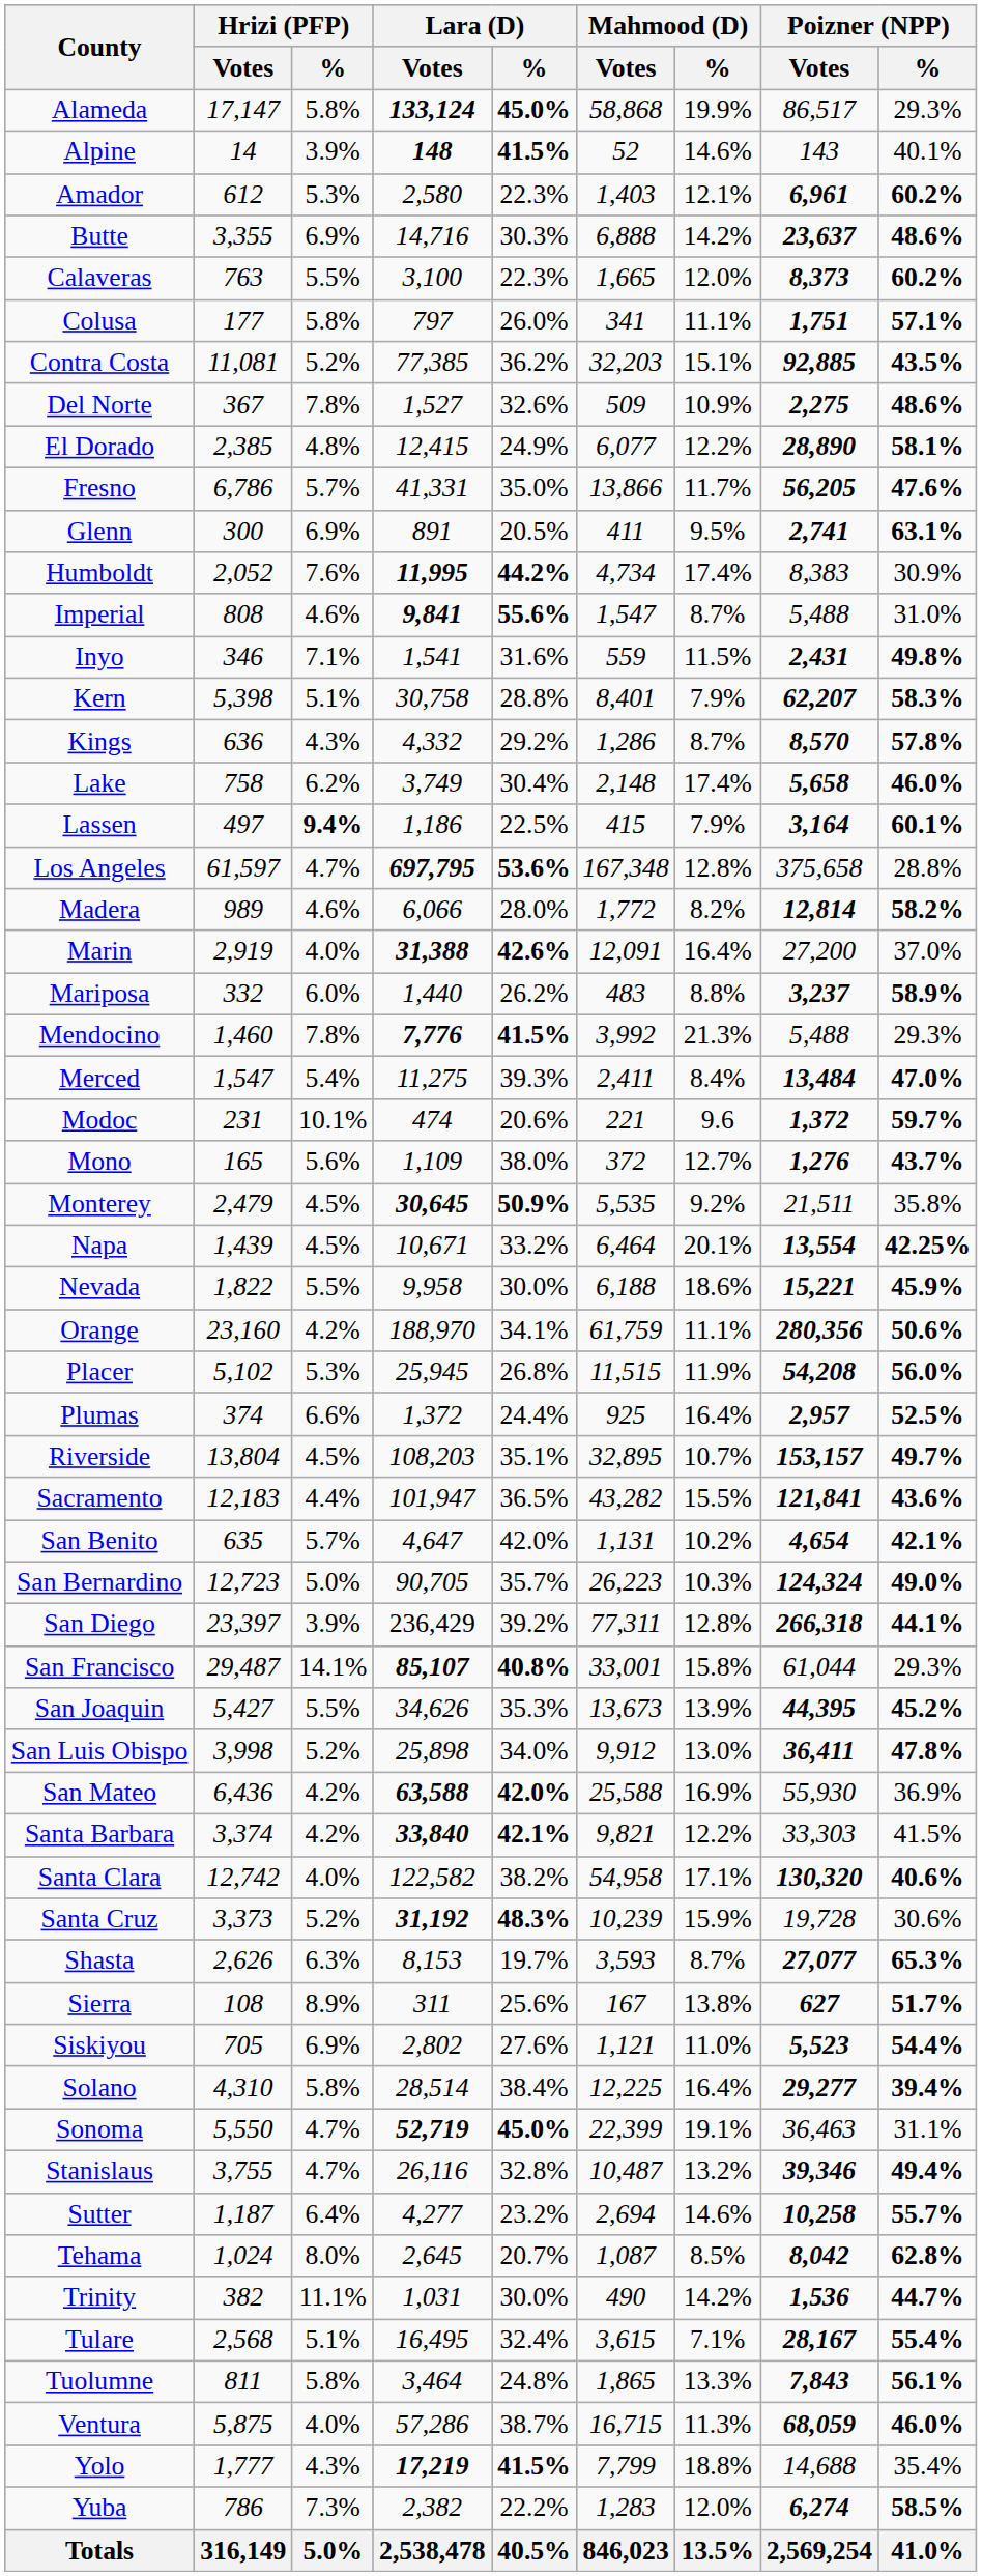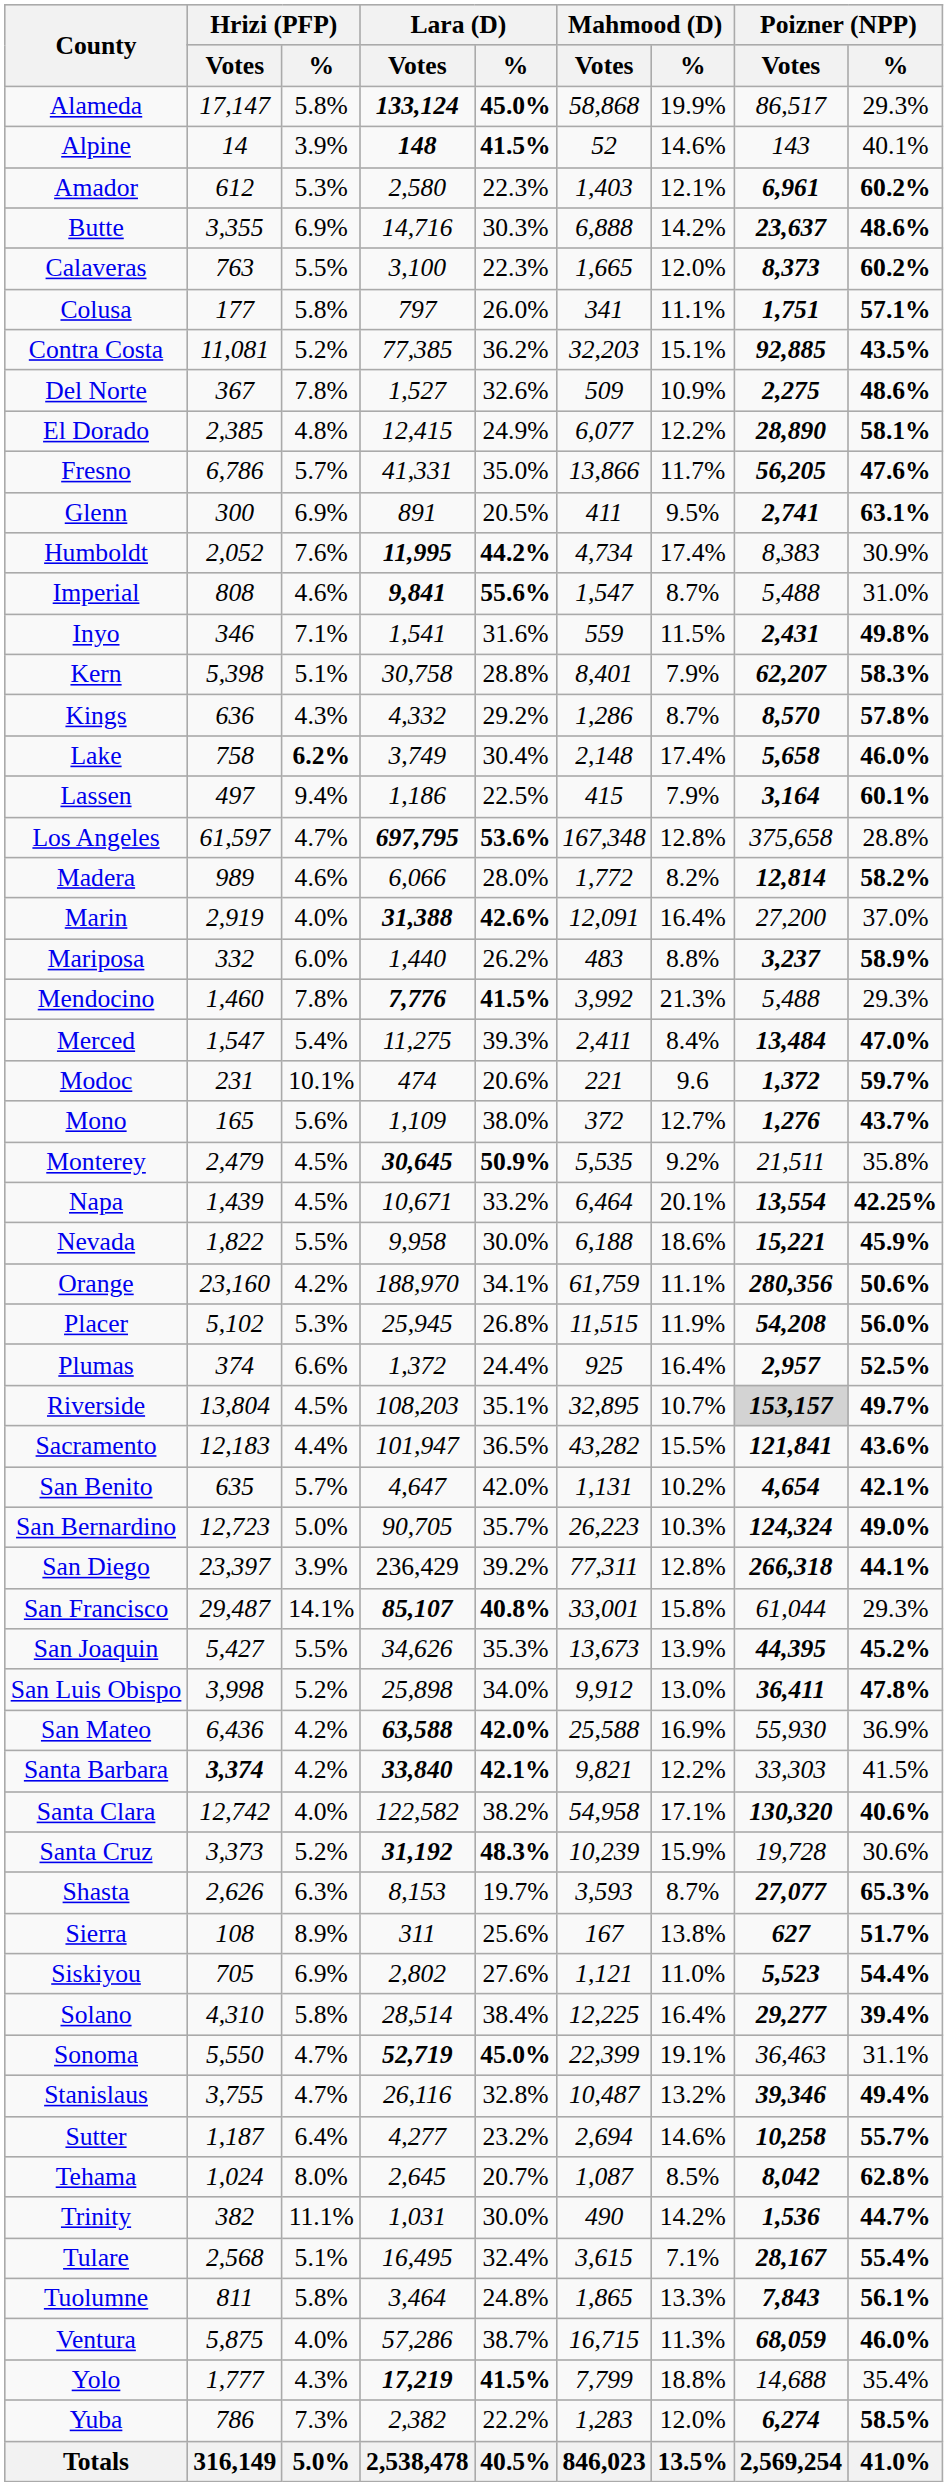 <table class="wikitable sortable" style="text-align:center">
 <tr>
 <th rowspan=2>County</th>
 <th colspan=2>Hrizi (PFP)</th>
 <th colspan=2>Lara (D)</th>
 <th colspan=2>Mahmood (D)</th>
 <th colspan=2>Poizner (NPP)</th>
 </tr>
 <tr>
 <th>Votes</th>
 <th>%</th>
 <th>Votes</th>
 <th>%</th>
 <th>Votes</th>
 <th>%</th>
 <th>Votes</th>
 <th>%</th>
 </tr>
 <tr>
 <td><a href='#'>Alameda</a></td>
 <td><em>17,147</em></td>
 <td>5.8%</td>
 <td><strong><em>133,124</em></strong></td>
 <td><strong>45.0%</strong></td>
 <td><em>58,868</em></td>
 <td>19.9%</td>
 <td><em>86,517</em></td>
 <td>29.3%</td>
 </tr>
 <tr>
 <td><a href='#'>Alpine</a></td>
 <td><em>14</em></td>
 <td>3.9%</td>
 <td><strong><em>148</em></strong></td>
 <td><strong>41.5%</strong></td>
 <td><em>52</em></td>
 <td>14.6%</td>
 <td><em>143</em></td>
 <td>40.1%</td>
 </tr>
 <tr>
 <td><a href='#'>Amador</a></td>
 <td><em>612</em></td>
 <td>5.3%</td>
 <td><em>2,580</em></td>
 <td>22.3%</td>
 <td><em>1,403</em></td>
 <td>12.1%</td>
 <td><strong><em>6,961</em></strong></td>
 <td><strong>60.2%</strong></td>
 </tr>
 <tr>
 <td><a href='#'>Butte</a></td>
 <td><em>3,355</em></td>
 <td>6.9%</td>
 <td><em>14,716</em></td>
 <td>30.3%</td>
 <td><em>6,888</em></td>
 <td>14.2%</td>
 <td><strong><em>23,637</em></strong></td>
 <td><strong>48.6%</strong></td>
 </tr>
 <tr>
 <td><a href='#'>Calaveras</a></td>
 <td><em>763</em></td>
 <td>5.5%</td>
 <td><em>3,100</em></td>
 <td>22.3%</td>
 <td><em>1,665</em></td>
 <td>12.0%</td>
 <td><strong><em>8,373</em></strong></td>
 <td><strong>60.2%</strong></td>
 </tr>
 <tr>
 <td><a href='#'>Colusa</a></td>
 <td><em>177</em></td>
 <td>5.8%</td>
 <td><em>797</em></td>
 <td>26.0%</td>
 <td><em>341</em></td>
 <td>11.1%</td>
 <td><strong><em>1,751</em></strong></td>
 <td><strong>57.1%</strong></td>
 </tr>
 <tr>
 <td><a href='#'>Contra Costa</a></td>
 <td><em>11,081</em></td>
 <td>5.2%</td>
 <td><em>77,385</em></td>
 <td>36.2%</td>
 <td><em>32,203</em></td>
 <td>15.1%</td>
 <td><strong><em>92,885</em></strong></td>
 <td><strong>43.5%</strong></td>
 </tr>
 <tr>
 <td><a href='#'>Del Norte</a></td>
 <td><em>367</em></td>
 <td>7.8%</td>
 <td><em>1,527</em></td>
 <td>32.6%</td>
 <td><em>509</em></td>
 <td>10.9%</td>
 <td><strong><em>2,275</em></strong></td>
 <td><strong>48.6%</strong></td>
 </tr>
 <tr>
 <td><a href='#'>El Dorado</a></td>
 <td><em>2,385</em></td>
 <td>4.8%</td>
 <td><em>12,415</em></td>
 <td>24.9%</td>
 <td><em>6,077</em></td>
 <td>12.2%</td>
 <td><strong><em>28,890</em></strong></td>
 <td><strong>58.1%</strong></td>
 </tr>
 <tr>
 <td><a href='#'>Fresno</a></td>
 <td><em>6,786</em></td>
 <td>5.7%</td>
 <td><em>41,331</em></td>
 <td>35.0%</td>
 <td><em>13,866</em></td>
 <td>11.7%</td>
 <td><strong><em>56,205</em></strong></td>
 <td><strong>47.6%</strong></td>
 </tr>
 <tr>
 <td><a href='#'>Glenn</a></td>
 <td><em>300</em></td>
 <td>6.9%</td>
 <td><em>891</em></td>
 <td>20.5%</td>
 <td><em>411</em></td>
 <td>9.5%</td>
 <td><strong><em>2,741</em></strong></td>
 <td><strong>63.1%</strong></td>
 </tr>
 <tr>
 <td><a href='#'>Humboldt</a></td>
 <td><em>2,052</em></td>
 <td>7.6%</td>
 <td><strong><em>11,995</em></strong></td>
 <td><strong>44.2%</strong></td>
 <td><em>4,734</em></td>
 <td>17.4%</td>
 <td><em>8,383</em></td>
 <td>30.9%</td>
 </tr>
 <tr>
 <td><a href='#'>Imperial</a></td>
 <td><em>808</em></td>
 <td>4.6%</td>
 <td><strong><em>9,841</em></strong></td>
 <td><strong>55.6%</strong></td>
 <td><em>1,547</em></td>
 <td>8.7%</td>
 <td><em>5,488</em></td>
 <td>31.0%</td>
 </tr>
 <tr>
 <td><a href='#'>Inyo</a></td>
 <td><em>346</em></td>
 <td>7.1%</td>
 <td><em>1,541</em></td>
 <td>31.6%</td>
 <td><em>559</em></td>
 <td>11.5%</td>
 <td><strong><em>2,431</em></strong></td>
 <td><strong>49.8%</strong></td>
 </tr>
 <tr>
 <td><a href='#'>Kern</a></td>
 <td><em>5,398</em></td>
 <td>5.1%</td>
 <td><em>30,758</em></td>
 <td>28.8%</td>
 <td><em>8,401</em></td>
 <td>7.9%</td>
 <td><strong><em>62,207</em></strong></td>
 <td><strong>58.3%</strong></td>
 </tr>
 <tr>
 <td><a href='#'>Kings</a></td>
 <td><em>636</em></td>
 <td>4.3%</td>
 <td><em>4,332</em></td>
 <td>29.2%</td>
 <td><em>1,286</em></td>
 <td>8.7%</td>
 <td><strong><em>8,570</em></strong></td>
 <td><strong>57.8%</strong></td>
 </tr>
 <tr>
 <td><a href='#'>Lake</a></td>
 <td><em>758</em></td>
-<td>6.2%</td>
+<td><strong>6.2%</strong></td>
 <td><em>3,749</em></td>
 <td>30.4%</td>
 <td><em>2,148</em></td>
 <td>17.4%</td>
 <td><strong><em>5,658</em></strong></td>
 <td><strong>46.0%</strong></td>
 </tr>
 <tr>
 <td><a href='#'>Lassen</a></td>
 <td><em>497</em></td>
-<td><strong>9.4%</strong></td>
+<td>9.4%</td>
 <td><em>1,186</em></td>
 <td>22.5%</td>
 <td><em>415</em></td>
 <td>7.9%</td>
 <td><strong><em>3,164</em></strong></td>
 <td><strong>60.1%</strong></td>
 </tr>
 <tr>
 <td><a href='#'>Los Angeles</a></td>
 <td><em>61,597</em></td>
 <td>4.7%</td>
 <td><strong><em>697,795</em></strong></td>
 <td><strong>53.6%</strong></td>
 <td><em>167,348</em></td>
 <td>12.8%</td>
 <td><em>375,658</em></td>
 <td>28.8%</td>
 </tr>
 <tr>
 <td><a href='#'>Madera</a></td>
 <td><em>989</em></td>
 <td>4.6%</td>
 <td><em>6,066</em></td>
 <td>28.0%</td>
 <td><em>1,772</em></td>
 <td>8.2%</td>
 <td><strong><em>12,814</em></strong></td>
 <td><strong>58.2%</strong></td>
 </tr>
 <tr>
 <td><a href='#'>Marin</a></td>
 <td><em>2,919</em></td>
 <td>4.0%</td>
 <td><strong><em>31,388</em></strong></td>
 <td><strong>42.6%</strong></td>
 <td><em>12,091</em></td>
 <td>16.4%</td>
 <td><em>27,200</em></td>
 <td>37.0%</td>
 </tr>
 <tr>
 <td><a href='#'>Mariposa</a></td>
 <td><em>332</em></td>
 <td>6.0%</td>
 <td><em> 1,440</em></td>
 <td>26.2%</td>
 <td><em>483</em></td>
 <td>8.8%</td>
 <td><strong><em>3,237</em></strong></td>
 <td><strong>58.9%</strong></td>
 </tr>
 <tr>
 <td><a href='#'>Mendocino</a></td>
 <td><em>1,460</em></td>
 <td>7.8%</td>
 <td><strong><em>7,776</em></strong></td>
 <td><strong>41.5%</strong></td>
 <td><em>3,992</em></td>
 <td>21.3%</td>
 <td><em>5,488</em></td>
 <td>29.3%</td>
 </tr>
 <tr>
 <td><a href='#'>Merced</a></td>
 <td><em>1,547</em></td>
 <td>5.4%</td>
 <td><em>11,275</em></td>
 <td>39.3%</td>
 <td><em>2,411</em></td>
 <td>8.4%</td>
 <td><strong><em>13,484</em></strong></td>
 <td><strong>47.0%</strong></td>
 </tr>
 <tr>
 <td><a href='#'>Modoc</a></td>
 <td><em>231</em></td>
 <td>10.1%</td>
 <td><em>474</em></td>
 <td>20.6%</td>
 <td><em>221</em></td>
 <td>9.6</td>
 <td><strong><em>1,372</em></strong></td>
 <td><strong>59.7%</strong></td>
 </tr>
 <tr>
 <td><a href='#'>Mono</a></td>
 <td><em>165</em></td>
 <td>5.6%</td>
 <td><em>1,109</em></td>
 <td>38.0%</td>
 <td><em>372</em></td>
 <td>12.7%</td>
 <td><strong><em>1,276</em></strong></td>
 <td><strong>43.7%</strong></td>
 </tr>
 <tr>
 <td><a href='#'>Monterey</a></td>
 <td><em>2,479</em></td>
 <td>4.5%</td>
 <td><strong><em>30,645</em></strong></td>
 <td><strong>50.9%</strong></td>
 <td><em>5,535</em></td>
 <td>9.2%</td>
 <td><em>21,511</em></td>
 <td>35.8%</td>
 </tr>
 <tr>
 <td><a href='#'>Napa</a></td>
 <td><em>1,439</em></td>
 <td>4.5%</td>
 <td><em>10,671</em></td>
 <td>33.2%</td>
 <td><em>6,464</em></td>
 <td>20.1%</td>
 <td><strong><em>13,554</em></strong></td>
 <td><strong>42.25%</strong></td>
 </tr>
 <tr>
 <td><a href='#'>Nevada</a></td>
 <td><em>1,822</em></td>
 <td>5.5%</td>
 <td><em>9,958</em></td>
 <td>30.0%</td>
 <td><em>6,188</em></td>
 <td>18.6%</td>
 <td><strong><em>15,221</em></strong></td>
 <td><strong>45.9%</strong></td>
 </tr>
 <tr>
 <td><a href='#'>Orange</a></td>
 <td><em>23,160</em></td>
 <td>4.2%</td>
 <td><em>188,970</em></td>
 <td>34.1%</td>
 <td><em>61,759</em></td>
 <td>11.1%</td>
 <td><strong><em>280,356</em></strong></td>
 <td><strong>50.6%</strong></td>
 </tr>
 <tr>
 <td><a href='#'>Placer</a></td>
 <td><em>5,102</em></td>
 <td>5.3%</td>
 <td><em>25,945</em></td>
 <td>26.8%</td>
 <td><em>11,515</em></td>
 <td>11.9%</td>
 <td><strong><em>54,208</em></strong></td>
 <td><strong>56.0%</strong></td>
 </tr>
 <tr>
 <td><a href='#'>Plumas</a></td>
 <td><em>374</em></td>
 <td>6.6%</td>
 <td><em>1,372</em></td>
 <td>24.4%</td>
 <td><em>925</em></td>
 <td>16.4%</td>
 <td><strong><em>2,957</em></strong></td>
 <td><strong>52.5%</strong></td>
 </tr>
 <tr>
 <td><a href='#'>Riverside</a></td>
 <td><em>13,804</em></td>
 <td>4.5%</td>
 <td><em>108,203</em></td>
 <td>35.1%</td>
 <td><em>32,895</em></td>
 <td>10.7%</td>
-<td><strong><em>153,157</em></strong></td>
+<td style="background: lightgrey;"><strong><em>153,157</em></strong></td>
 <td><strong>49.7%</strong></td>
 </tr>
 <tr>
 <td><a href='#'>Sacramento</a></td>
 <td><em>12,183</em></td>
 <td>4.4%</td>
 <td><em>101,947</em></td>
 <td>36.5%</td>
 <td><em>43,282</em></td>
 <td>15.5%</td>
 <td><strong><em>121,841</em></strong></td>
 <td><strong>43.6%</strong></td>
 </tr>
 <tr>
 <td><a href='#'>San Benito</a></td>
 <td><em>635</em></td>
 <td>5.7%</td>
 <td><em>4,647</em></td>
 <td>42.0%</td>
 <td><em>1,131</em></td>
 <td>10.2%</td>
 <td><strong><em>4,654</em></strong></td>
 <td><strong>42.1%</strong></td>
 </tr>
 <tr>
 <td><a href='#'>San Bernardino</a></td>
 <td><em>12,723</em></td>
 <td>5.0%</td>
 <td><em>90,705</em></td>
 <td>35.7%</td>
 <td><em>26,223</em></td>
 <td>10.3%</td>
 <td><strong><em>124,324</em></strong></td>
 <td><strong>49.0%</strong></td>
 </tr>
 <tr>
 <td><a href='#'>San Diego</a></td>
 <td><em>23,397</em></td>
 <td>3.9%</td>
 <td>236,429</td>
 <td>39.2%</td>
 <td><em>77,311</em></td>
 <td>12.8%</td>
 <td><strong><em>266,318</em></strong></td>
 <td><strong>44.1%</strong></td>
 </tr>
 <tr>
 <td><a href='#'>San Francisco</a></td>
 <td><em>29,487</em></td>
 <td>14.1%</td>
 <td><strong><em>85,107</em></strong></td>
 <td><strong>40.8%</strong></td>
 <td><em>33,001</em></td>
 <td>15.8%</td>
 <td><em>61,044</em></td>
 <td>29.3%</td>
 </tr>
 <tr>
 <td><a href='#'>San Joaquin</a></td>
 <td><em>5,427</em></td>
 <td>5.5%</td>
 <td><em>34,626</em></td>
 <td>35.3%</td>
 <td><em>13,673</em></td>
 <td>13.9%</td>
 <td><strong><em> 44,395</em></strong></td>
 <td><strong>45.2%</strong></td>
 </tr>
 <tr>
 <td><a href='#'>San Luis Obispo</a></td>
 <td><em>3,998</em></td>
 <td>5.2%</td>
 <td><em>25,898</em></td>
 <td>34.0%</td>
 <td><em>9,912</em></td>
 <td>13.0%</td>
 <td><strong><em>36,411</em></strong></td>
 <td><strong>47.8%</strong></td>
 </tr>
 <tr>
 <td><a href='#'>San Mateo</a></td>
 <td><em>6,436</em></td>
 <td>4.2%</td>
 <td><strong><em>63,588</em></strong></td>
 <td><strong>42.0%</strong></td>
 <td><em>25,588</em></td>
 <td>16.9%</td>
 <td><em>55,930</em></td>
 <td>36.9%</td>
 </tr>
 <tr>
 <td><a href='#'>Santa Barbara</a></td>
-<td><em>3,374</em></td>
+<td><strong><em>3,374</em></strong></td>
 <td>4.2%</td>
 <td><strong><em>33,840</em></strong></td>
 <td><strong>42.1%</strong></td>
 <td><em>9,821</em></td>
 <td>12.2%</td>
 <td><em>33,303</em></td>
 <td>41.5%</td>
 </tr>
 <tr>
 <td><a href='#'>Santa Clara</a></td>
 <td><em>12,742</em></td>
 <td>4.0%</td>
 <td><em>122,582</em></td>
 <td>38.2%</td>
 <td><em>54,958</em></td>
 <td>17.1%</td>
 <td><strong><em>130,320</em></strong></td>
 <td><strong>40.6%</strong></td>
 </tr>
 <tr>
 <td><a href='#'>Santa Cruz</a></td>
 <td><em>3,373</em></td>
 <td>5.2%</td>
 <td><strong><em>31,192</em></strong></td>
 <td><strong>48.3%</strong></td>
 <td><em>10,239</em></td>
 <td>15.9%</td>
 <td><em>19,728</em></td>
 <td>30.6%</td>
 </tr>
 <tr>
 <td><a href='#'>Shasta</a></td>
 <td><em>2,626</em></td>
 <td>6.3%</td>
 <td><em>8,153</em></td>
 <td>19.7%</td>
 <td><em>3,593</em></td>
 <td>8.7%</td>
 <td><strong><em>27,077</em></strong></td>
 <td><strong>65.3%</strong></td>
 </tr>
 <tr>
 <td><a href='#'>Sierra</a></td>
 <td><em>108</em></td>
 <td>8.9%</td>
 <td><em>311</em></td>
 <td>25.6%</td>
 <td><em>167</em></td>
 <td>13.8%</td>
 <td><strong><em>627</em></strong></td>
 <td><strong>51.7%</strong></td>
 </tr>
 <tr>
 <td><a href='#'>Siskiyou</a></td>
 <td><em>705</em></td>
 <td>6.9%</td>
 <td><em>2,802</em></td>
 <td>27.6%</td>
 <td><em>1,121</em></td>
 <td>11.0%</td>
 <td><strong><em>5,523</em></strong></td>
 <td><strong>54.4%</strong></td>
 </tr>
 <tr>
 <td><a href='#'>Solano</a></td>
 <td><em>4,310</em></td>
 <td>5.8%</td>
 <td><em>28,514</em></td>
 <td>38.4%</td>
 <td><em>12,225</em></td>
 <td>16.4%</td>
 <td><strong><em>29,277</em></strong></td>
 <td><strong>39.4%</strong></td>
 </tr>
 <tr>
 <td><a href='#'>Sonoma</a></td>
 <td><em>5,550</em></td>
 <td>4.7%</td>
 <td><strong><em>52,719</em></strong></td>
 <td><strong>45.0%</strong></td>
 <td><em>22,399</em></td>
 <td>19.1%</td>
 <td><em>36,463</em></td>
 <td>31.1%</td>
 </tr>
 <tr>
 <td><a href='#'>Stanislaus</a></td>
 <td><em>3,755</em></td>
 <td>4.7%</td>
 <td><em>26,116</em></td>
 <td>32.8%</td>
 <td><em>10,487</em></td>
 <td>13.2%</td>
 <td><strong><em>39,346</em></strong></td>
 <td><strong>49.4%</strong></td>
 </tr>
 <tr>
 <td><a href='#'>Sutter</a></td>
 <td><em>1,187</em></td>
 <td>6.4%</td>
 <td><em>4,277</em></td>
 <td>23.2%</td>
 <td><em>2,694</em></td>
 <td>14.6%</td>
 <td><strong><em>10,258</em></strong></td>
 <td><strong>55.7%</strong></td>
 </tr>
 <tr>
 <td><a href='#'>Tehama</a></td>
 <td><em>1,024</em></td>
 <td>8.0%</td>
 <td><em>2,645</em></td>
 <td>20.7%</td>
 <td><em> 1,087</em></td>
 <td>8.5%</td>
 <td><strong><em>8,042</em></strong></td>
 <td><strong>62.8%</strong></td>
 </tr>
 <tr>
 <td><a href='#'>Trinity</a></td>
 <td><em>382</em></td>
 <td>11.1%</td>
 <td><em>1,031</em></td>
 <td>30.0%</td>
 <td><em>490</em></td>
 <td>14.2%</td>
 <td><strong><em>1,536</em></strong></td>
 <td><strong>44.7%</strong></td>
 </tr>
 <tr>
 <td><a href='#'>Tulare</a></td>
 <td><em>2,568</em></td>
 <td>5.1%</td>
 <td><em>16,495</em></td>
 <td>32.4%</td>
 <td><em>3,615</em></td>
 <td>7.1%</td>
 <td><strong><em>28,167</em></strong></td>
 <td><strong>55.4%</strong></td>
 </tr>
 <tr>
 <td><a href='#'>Tuolumne</a></td>
 <td><em>811</em></td>
 <td>5.8%</td>
 <td><em>3,464</em></td>
 <td>24.8%</td>
 <td><em>1,865</em></td>
 <td>13.3%</td>
 <td><strong><em>7,843</em></strong></td>
 <td><strong>56.1%</strong></td>
 </tr>
 <tr>
 <td><a href='#'>Ventura</a></td>
 <td><em>5,875</em></td>
 <td>4.0%</td>
 <td><em>57,286</em></td>
 <td>38.7%</td>
 <td><em>16,715</em></td>
 <td>11.3%</td>
 <td><strong><em>68,059</em></strong></td>
 <td><strong>46.0%</strong></td>
 </tr>
 <tr>
 <td><a href='#'>Yolo</a></td>
 <td><em>1,777</em></td>
 <td>4.3%</td>
 <td><strong><em>17,219</em></strong></td>
 <td><strong>41.5%</strong></td>
 <td><em>7,799</em></td>
 <td>18.8%</td>
 <td><em>14,688</em></td>
 <td>35.4%</td>
 </tr>
 <tr>
 <td><a href='#'>Yuba</a></td>
 <td><em>786</em></td>
 <td>7.3%</td>
 <td><em>2,382</em></td>
 <td>22.2%</td>
 <td><em>1,283</em></td>
 <td>12.0%</td>
 <td><strong><em>6,274</em></strong></td>
 <td><strong>58.5%</strong></td>
 </tr>
 <tr>
 <th>Totals</th>
 <th>316,149</th>
 <th>5.0%</th>
 <th>2,538,478</th>
 <th>40.5%</th>
 <th>846,023</th>
 <th>13.5%</th>
 <th>2,569,254</th>
 <th>41.0%</th>
 </tr>
 </table>
